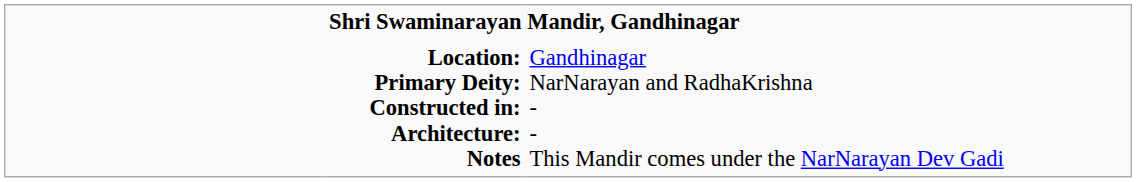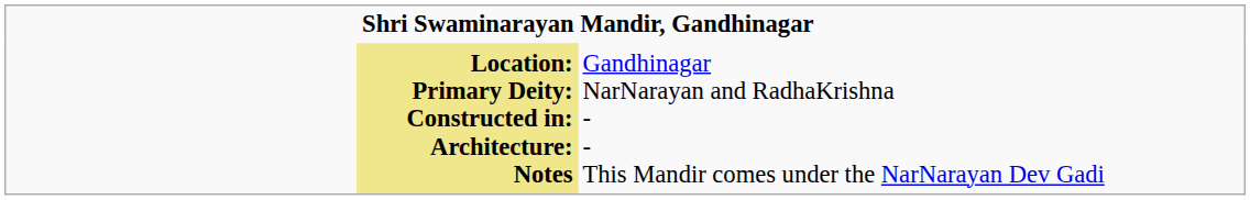 <table class="wikitable plain" border="0" width="800">
 <tr>
 <td width="220px" rowspan="2" style="border:none;"></td>
 <td valign="top" colspan=2 style="border:none;"><strong>Shri Swaminarayan Mandir, Gandhinagar</strong></td>
 </tr>
 <tr>
-<td valign="top" style="text-align:right; border:none;"><strong>Location:</strong> <br><strong>Primary Deity:</strong><br><strong>Constructed in:</strong><br><strong>Architecture:</strong><br><strong>Notes</strong></td>
+<td valign="top" style="background: khaki; text-align:right; border:none;"><strong>Location:</strong> <br><strong>Primary Deity:</strong><br><strong>Constructed in:</strong><br><strong>Architecture:</strong><br><strong>Notes</strong></td>
 <td valign="top" style="border:none;"><a href='#'>Gandhinagar</a> <br>NarNarayan and RadhaKrishna <br>- <br>- <br>This Mandir comes under the <a href='#'>NarNarayan Dev Gadi</a></td>
 </tr>
 </table>
